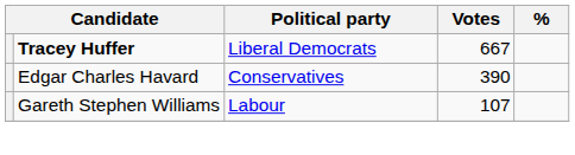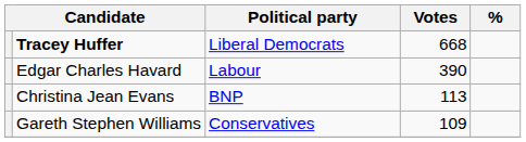 <table class="wikitable">
 <tr>
 <th valign=top colspan="2" style="width: 180px">Candidate</th>
 <th valign=top style="width: 180px">Political party</th>
 <th valign=top style="width: 60px">Votes</th>
 <th valign=top style="width: 40px">%</th>
 </tr>
 <tr>
 <th style="background-color: "></th>
 <td><strong>Tracey Huffer</strong></td>
 <td><a href='#'>Liberal Democrats</a></td>
-<td align="right">667</td>
+<td align="right">668</td>
 <td align="right"></td>
 </tr>
 <tr>
 <th style="background-color: "></th>
 <td>Edgar Charles Havard</td>
-<td><a href='#'>Conservatives</a></td>
+<td><a href='#'>Labour</a></td>
 <td align="right">390</td>
 <td align="right"></td>
 </tr>
 <tr>
 <th style="background-color: "></th>
+<td>Christina Jean Evans</td>
+<td><a href='#'>BNP</a></td>
+<td align="right">113</td>
+<td align="right"></td>
+</tr>
+<tr>
+<th style="background-color: "></th>
 <td>Gareth Stephen Williams</td>
-<td><a href='#'>Labour</a></td>
-<td align="right">107</td>
+<td><a href='#'>Conservatives</a></td>
+<td align="right">109</td>
 <td align="right"></td>
 </tr>
 <tr>
 </tr>
 </table>
